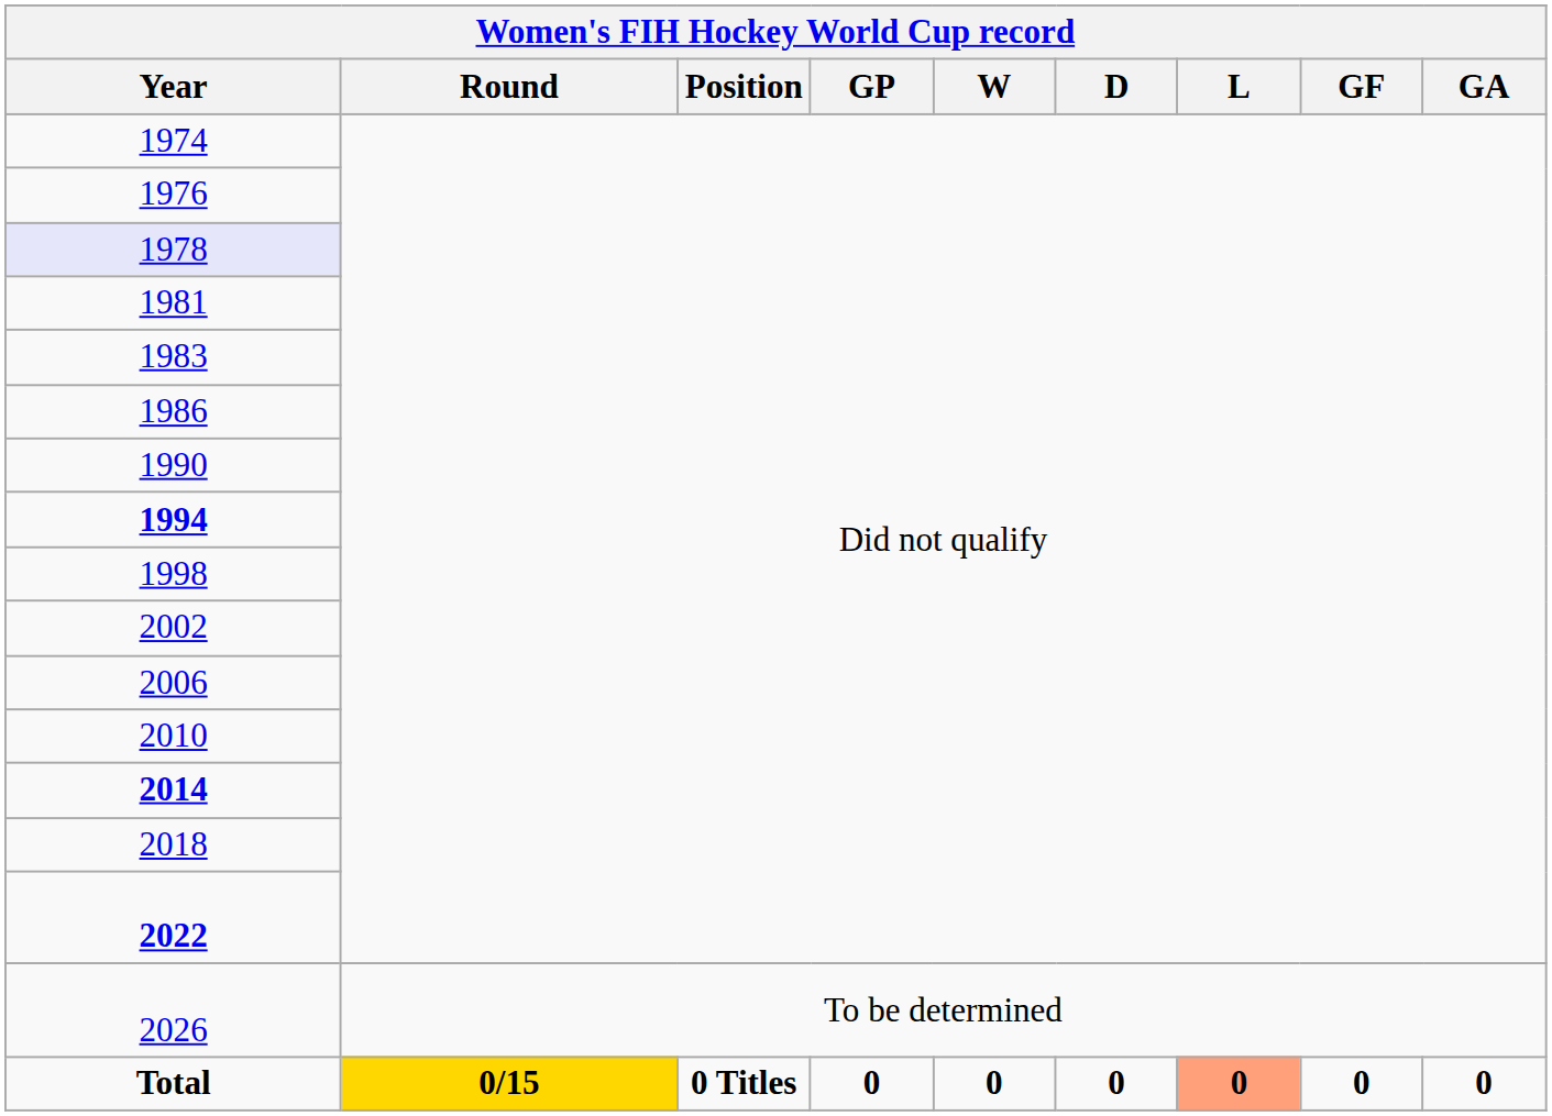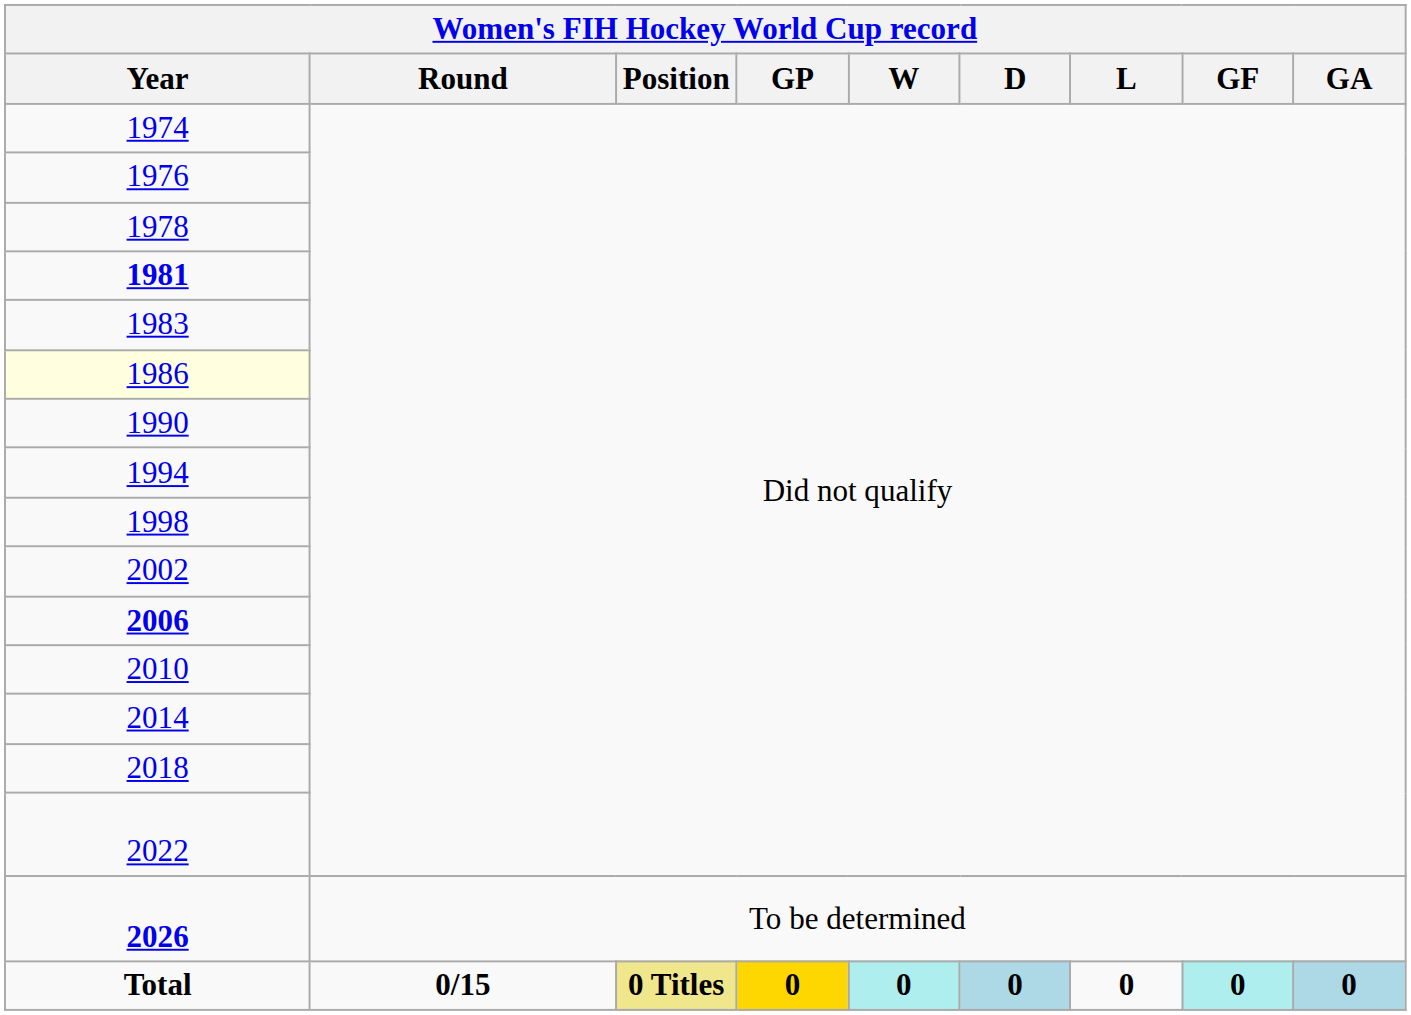 <table class="wikitable" style="text-align: center;">
 <tr>
 <th colspan=9><a href='#'>Women's FIH Hockey World Cup record</a></th>
 </tr>
 <tr>
 <th width=150>Year</th>
 <th width=150>Round</th>
 <th width=50>Position</th>
 <th width=50>GP</th>
 <th width=50>W</th>
 <th width=50>D</th>
 <th width=50>L</th>
 <th width=50>GF</th>
 <th width=50>GA</th>
 </tr>
 <tr>
 <td> <a href='#'>1974</a></td>
 <td colspan=9  rowspan=15>Did not qualify</td>
 </tr>
 <tr>
 <td> <a href='#'>1976</a></td>
 </tr>
 <tr>
-<td style="background: lavender;"> <a href='#'>1978</a></td>
+<td> <a href='#'>1978</a></td>
 </tr>
 <tr>
-<td> <a href='#'>1981</a></td>
+<td><strong> <a href='#'>1981</a></strong></td>
 </tr>
 <tr>
 <td> <a href='#'>1983</a></td>
 </tr>
 <tr>
-<td> <a href='#'>1986</a></td>
+<td style="background: lightyellow;"> <a href='#'>1986</a></td>
 </tr>
 <tr>
 <td> <a href='#'>1990</a></td>
 </tr>
 <tr>
-<td><strong> <a href='#'>1994</a></strong></td>
+<td> <a href='#'>1994</a></td>
 </tr>
 <tr>
 <td> <a href='#'>1998</a></td>
 </tr>
 <tr>
 <td> <a href='#'>2002</a></td>
 </tr>
 <tr>
-<td> <a href='#'>2006</a></td>
+<td><strong> <a href='#'>2006</a></strong></td>
 </tr>
 <tr>
 <td> <a href='#'>2010</a></td>
 </tr>
 <tr>
-<td><strong> <a href='#'>2014</a></strong></td>
+<td> <a href='#'>2014</a></td>
 </tr>
 <tr>
 <td> <a href='#'>2018</a></td>
 </tr>
 <tr>
-<td><strong><br>  <a href='#'>2022</a></strong></td>
+<td><br>  <a href='#'>2022</a></td>
 </tr>
 <tr>
-<td><br> <a href='#'>2026</a></td>
+<td><strong><br> <a href='#'>2026</a></strong></td>
 <td colspan=8>To be determined</td>
 </tr>
 <tr>
 <td><strong>Total</strong></td>
-<td style="background: gold;"><strong>0/15</strong></td>
-<td><strong>0 Titles</strong></td>
+<td><strong>0/15</strong></td>
+<td style="background: khaki;"><strong>0 Titles</strong></td>
+<td style="background: gold;"><strong>0</strong></td>
+<td style="background: paleturquoise;"><strong>0</strong></td>
+<td style="background: lightblue;"><strong>0</strong></td>
 <td><strong>0</strong></td>
-<td><strong>0</strong></td>
-<td><strong>0</strong></td>
-<td style="background: lightsalmon;"><strong>0</strong></td>
-<td><strong>0</strong></td>
-<td><strong>0</strong></td>
+<td style="background: paleturquoise;"><strong>0</strong></td>
+<td style="background: lightblue;"><strong>0</strong></td>
 </tr>
 </table>
